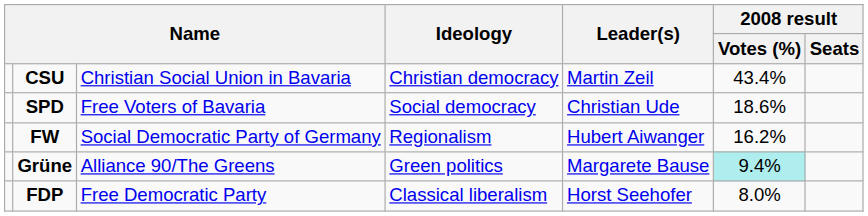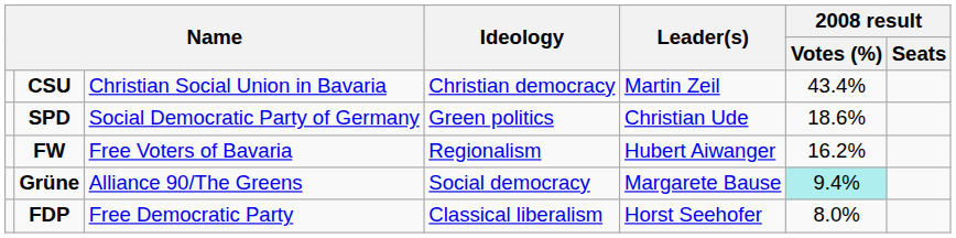 <table class="wikitable">
 <tr>
 <th rowspan=2 colspan=3>Name</th>
 <th rowspan=2>Ideology</th>
 <th rowspan=2>Leader(s)</th>
 <th colspan=2>2008 result</th>
 </tr>
 <tr>
 <th>Votes (%)</th>
 <th>Seats</th>
 </tr>
 <tr>
 <td></td>
 <td align=center><strong>CSU</strong></td>
 <td><a href='#'>Christian Social Union in Bavaria</a><br></td>
 <td><a href='#'>Christian democracy</a></td>
 <td><a href='#'>Martin Zeil</a></td>
 <td align=center>43.4%</td>
 <td></td>
 </tr>
 <tr>
 <td></td>
 <td align=center><strong>SPD</strong></td>
-<td><a href='#'>Free Voters of Bavaria</a><br></td>
-<td><a href='#'>Social democracy</a></td>
+<td><a href='#'>Social Democratic Party of Germany</a><br></td>
+<td><a href='#'>Green politics</a></td>
 <td><a href='#'>Christian Ude</a></td>
 <td align=center>18.6%</td>
 <td></td>
 </tr>
 <tr>
 <td></td>
 <td align=center><strong>FW</strong></td>
-<td><a href='#'>Social Democratic Party of Germany</a><br></td>
+<td><a href='#'>Free Voters of Bavaria</a><br></td>
 <td><a href='#'>Regionalism</a></td>
 <td><a href='#'>Hubert Aiwanger</a></td>
 <td align=center>16.2%</td>
 <td></td>
 </tr>
 <tr>
 <td></td>
 <td align=center><strong>Grüne</strong></td>
 <td><a href='#'>Alliance 90/The Greens</a><br></td>
-<td><a href='#'>Green politics</a></td>
+<td><a href='#'>Social democracy</a></td>
 <td><a href='#'>Margarete Bause</a></td>
 <td align=center style="background: paleturquoise;">9.4%</td>
 <td></td>
 </tr>
 <tr>
 <td></td>
 <td align=center><strong>FDP</strong></td>
 <td><a href='#'>Free Democratic Party</a><br></td>
 <td><a href='#'>Classical liberalism</a></td>
 <td><a href='#'>Horst Seehofer</a></td>
 <td align=center>8.0%</td>
 <td></td>
 </tr>
 </table>
